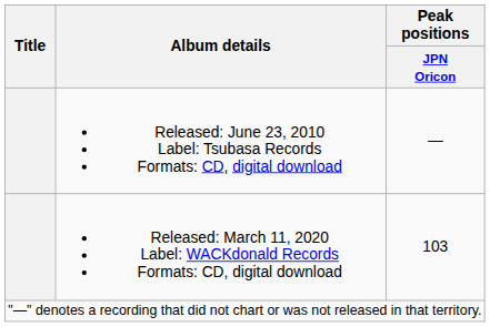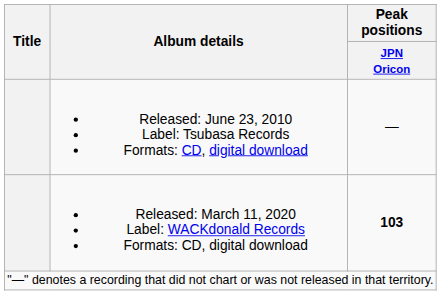 <table class="wikitable plainrowheaders" style="text-align:center;">
 <tr>
 <th scope="col" rowspan="2">Title</th>
 <th scope="col" rowspan="2">Album details</th>
 <th scope="col" colspan="1">Peak<br> positions</th>
 </tr>
 <tr>
 <th scope="col"><small><a href='#'>JPN<br>Oricon</a></small><br></th>
 </tr>
 <tr>
 <th scope="row"><em></em></th>
 <td><br><ul><li>Released: June 23, 2010</li><li>Label: Tsubasa Records</li><li>Formats: <a href='#'>CD</a>, <a href='#'>digital download</a></li></ul></td>
 <td>—</td>
 </tr>
 <tr>
 <th scope="row"><em></em></th>
 <td><br><ul><li>Released: March 11, 2020</li><li>Label: <a href='#'>WACKdonald Records</a></li><li>Formats: CD, digital download</li></ul></td>
-<td>103</td>
+<td><strong>103</strong></td>
 </tr>
 <tr>
 <td align="center" colspan="3" style="font-size:90%">"—" denotes a recording that did not chart or was not released in that territory.</td>
 </tr>
 </table>
